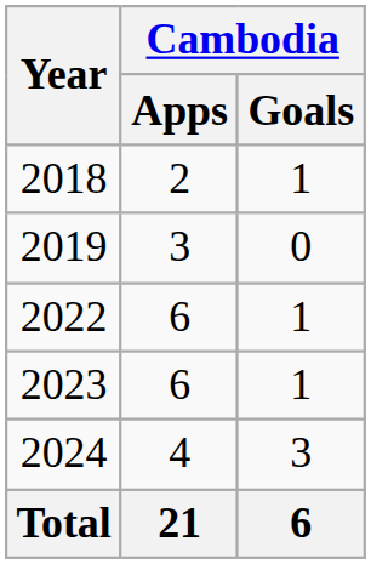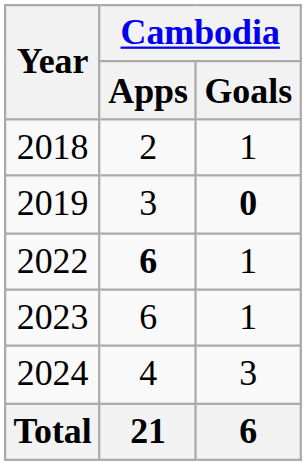 <table class="wikitable" style="text-align:center">
 <tr>
 <th rowspan=2>Year</th>
 <th colspan=2><a href='#'>Cambodia</a></th>
 </tr>
 <tr>
 <th>Apps</th>
 <th>Goals</th>
 </tr>
 <tr>
 <td>2018</td>
 <td>2</td>
 <td>1</td>
 </tr>
 <tr>
 <td>2019</td>
 <td>3</td>
-<td>0</td>
+<td><strong>0</strong></td>
 </tr>
 <tr>
 <td>2022</td>
-<td>6</td>
+<td><strong>6</strong></td>
 <td>1</td>
 </tr>
 <tr>
 <td>2023</td>
 <td>6</td>
 <td>1</td>
 </tr>
 <tr>
 <td>2024</td>
 <td>4</td>
 <td>3</td>
 </tr>
 <tr>
 <th>Total</th>
 <th>21</th>
 <th>6</th>
 </tr>
 </table>
